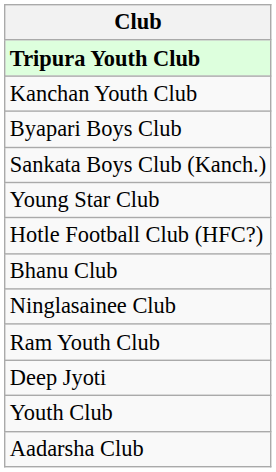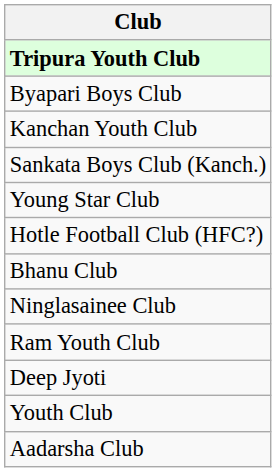 <table class="wikitable" border="1">
 <tr>
 <th>Club</th>
 </tr>
 <tr bgcolor=#dfd>
 <td><strong>Tripura Youth Club</strong></td>
 </tr>
 <tr>
-<td>Kanchan Youth Club</td>
+<td>Byapari Boys Club</td>
 </tr>
 <tr>
-<td>Byapari Boys Club</td>
+<td>Kanchan Youth Club</td>
 </tr>
 <tr>
 <td>Sankata Boys Club (Kanch.)</td>
 </tr>
 <tr>
 <td>Young Star Club</td>
 </tr>
 <tr>
 <td>Hotle Football Club (HFC?)</td>
 </tr>
 <tr>
 <td>Bhanu Club</td>
 </tr>
 <tr>
 <td>Ninglasainee Club</td>
 </tr>
 <tr>
 <td>Ram Youth Club</td>
 </tr>
 <tr>
 <td>Deep Jyoti</td>
 </tr>
 <tr>
 <td>Youth Club</td>
 </tr>
 <tr>
 <td>Aadarsha Club</td>
 </tr>
 </table>
